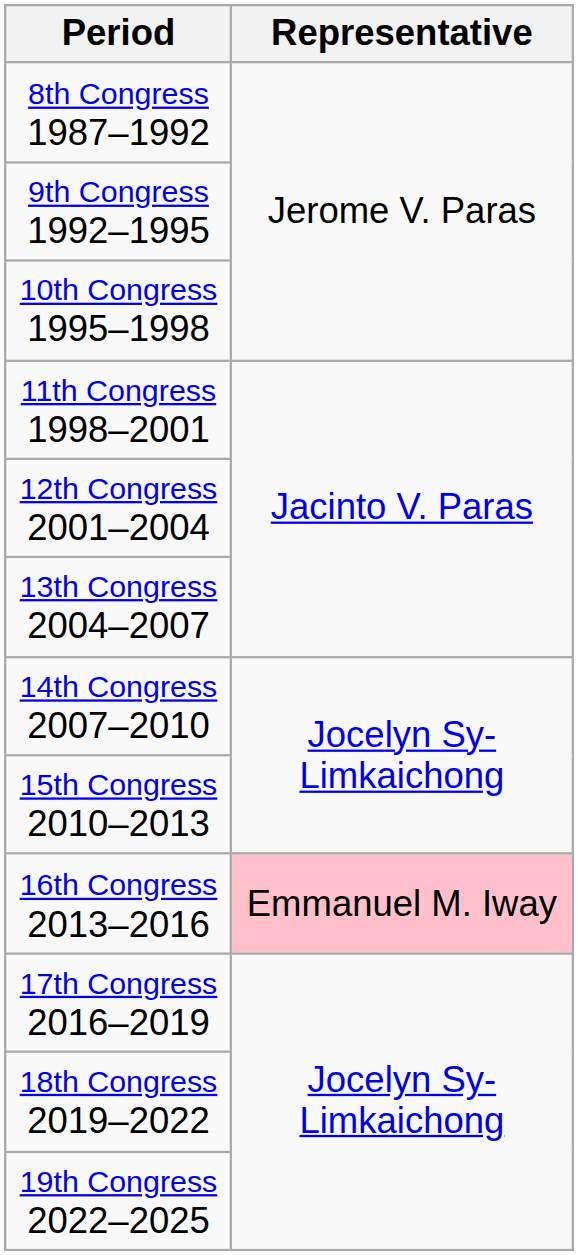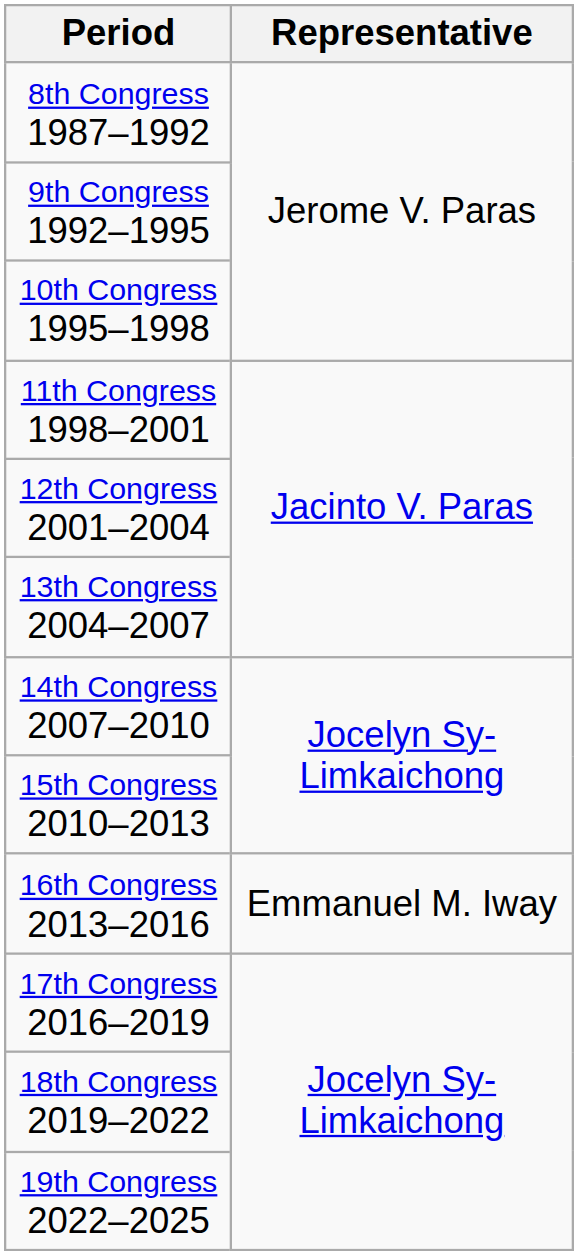 <table class="wikitable" style="text-align:center; width:40%;">
 <tr>
 <th width="40%">Period</th>
 <th>Representative</th>
 </tr>
 <tr>
 <td><small><a href='#'>8th Congress</a></small><br>1987–1992</td>
 <td rowspan="3">Jerome V. Paras</td>
 </tr>
 <tr>
 <td><small><a href='#'>9th Congress</a></small><br>1992–1995</td>
 </tr>
 <tr>
 <td><small><a href='#'>10th Congress</a></small><br>1995–1998</td>
 </tr>
 <tr>
 <td><small><a href='#'>11th Congress</a></small><br>1998–2001</td>
 <td rowspan="3"><a href='#'>Jacinto V. Paras</a></td>
 </tr>
 <tr>
 <td><small><a href='#'>12th Congress</a></small><br>2001–2004</td>
 </tr>
 <tr>
 <td><small><a href='#'>13th Congress</a></small><br>2004–2007</td>
 </tr>
 <tr>
 <td><small><a href='#'>14th Congress</a></small><br>2007–2010</td>
 <td rowspan="2"><a href='#'>Jocelyn Sy-Limkaichong</a></td>
 </tr>
 <tr>
 <td><small><a href='#'>15th Congress</a></small><br>2010–2013</td>
 </tr>
 <tr>
 <td><small><a href='#'>16th Congress</a></small><br>2013–2016</td>
-<td style="background: pink;">Emmanuel M. Iway</td>
+<td>Emmanuel M. Iway</td>
 </tr>
 <tr>
 <td><small><a href='#'>17th Congress</a></small><br>2016–2019</td>
 <td rowspan="3"><a href='#'>Jocelyn Sy-Limkaichong</a></td>
 </tr>
 <tr>
 <td><small><a href='#'>18th Congress</a></small><br>2019–2022</td>
 </tr>
 <tr>
 <td><small><a href='#'>19th Congress</a></small><br>2022–2025</td>
 </tr>
 </table>
